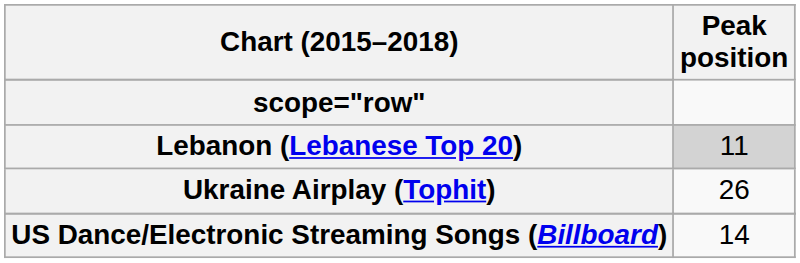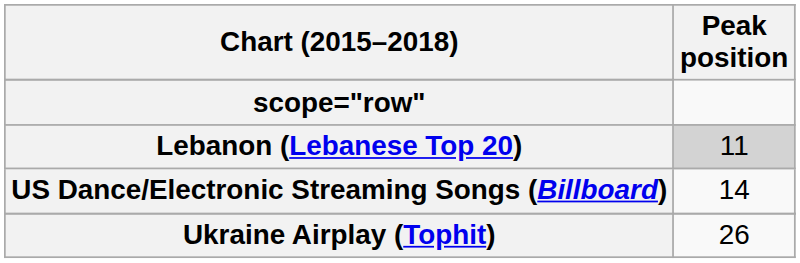 <table class="wikitable sortable plainrowheaders" style="text-align:center">
 <tr>
 <th scope="col">Chart (2015–2018)</th>
 <th scope="col">Peak<br>position</th>
 </tr>
 <tr>
 </tr>
 <tr>
 <th>scope="row" </th>
 </tr>
 <tr>
 <th scope="row">Lebanon (<a href='#'>Lebanese Top 20</a>)</th>
 <td style="background: lightgrey;">11</td>
 </tr>
 <tr>
-<th scope="row">Ukraine Airplay (<a href='#'>Tophit</a>)</th>
-<td>26</td>
+<th scope="row">US Dance/Electronic Streaming Songs (<em><a href='#'>Billboard</a></em>)</th>
+<td>14</td>
 </tr>
 <tr>
 </tr>
 <tr>
-<th scope="row">US Dance/Electronic Streaming Songs (<em><a href='#'>Billboard</a></em>)</th>
-<td>14</td>
+<th scope="row">Ukraine Airplay (<a href='#'>Tophit</a>)</th>
+<td>26</td>
 </tr>
 </table>
